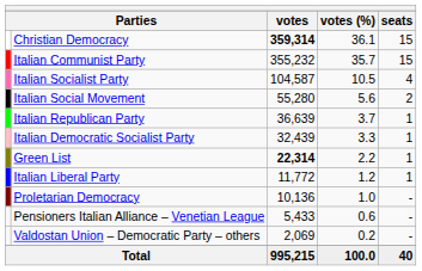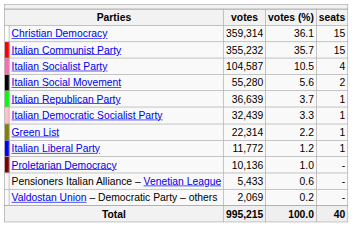 <table class="wikitable" style="font-size:95%">
 <tr>
 <th colspan=5></th>
 </tr>
 <tr>
 </tr>
 <tr bgcolor="EFEFEF">
 <th colspan=2>Parties</th>
 <th>votes</th>
 <th>votes (%)</th>
 <th>seats</th>
 </tr>
 <tr>
 <td bgcolor=White></td>
 <td><a href='#'>Christian Democracy</a></td>
-<td align=right><strong>359,314</strong></td>
+<td align=right>359,314</td>
 <td align=right>36.1</td>
 <td align=right>15</td>
 </tr>
 <tr>
 <td bgcolor=Red></td>
 <td><a href='#'>Italian Communist Party</a></td>
 <td align=right>355,232</td>
 <td align=right>35.7</td>
 <td align=right>15</td>
 </tr>
 <tr>
 <td bgcolor=Hotpink></td>
 <td><a href='#'>Italian Socialist Party</a></td>
 <td align=right>104,587</td>
 <td align=right>10.5</td>
 <td align=right>4</td>
 </tr>
 <tr>
 <td bgcolor=Black></td>
 <td><a href='#'>Italian Social Movement</a></td>
 <td align=right>55,280</td>
 <td align=right>5.6</td>
 <td align=right>2</td>
 </tr>
 <tr>
 <td bgcolor=Lime></td>
 <td><a href='#'>Italian Republican Party</a></td>
 <td align=right>36,639</td>
 <td align=right>3.7</td>
 <td align=right>1</td>
 </tr>
 <tr>
 <td bgcolor=Pink></td>
 <td><a href='#'>Italian Democratic Socialist Party</a></td>
 <td align=right>32,439</td>
 <td align=right>3.3</td>
 <td align=right>1</td>
 </tr>
 <tr>
 <td bgcolor=Olive></td>
 <td><a href='#'>Green List</a></td>
-<td align=right><strong>22,314</strong></td>
+<td align=right>22,314</td>
 <td align=right>2.2</td>
 <td align=right>1</td>
 </tr>
 <tr>
 <td bgcolor=Blue></td>
 <td><a href='#'>Italian Liberal Party</a></td>
 <td align=right>11,772</td>
 <td align=right>1.2</td>
 <td align=right>1</td>
 </tr>
 <tr>
 <td bgcolor=Maroon></td>
 <td><a href='#'>Proletarian Democracy</a></td>
 <td align=right>10,136</td>
 <td align=right>1.0</td>
 <td align=right>-</td>
 </tr>
 <tr>
 <td bgcolor=></td>
 <td>Pensioners Italian Alliance – <a href='#'>Venetian League</a></td>
 <td align=right>5,433</td>
 <td align=right>0.6</td>
 <td align=right>-</td>
 </tr>
 <tr>
 <td bgcolor=></td>
 <td><a href='#'>Valdostan Union</a> – Democratic Party – others</td>
 <td align=right>2,069</td>
 <td align=right>0.2</td>
 <td align=right>-</td>
 </tr>
 <tr>
 </tr>
 <tr bgcolor="EFEFEF">
 <th colspan=2><strong>Total</strong></th>
 <td align=right><strong>995,215</strong></td>
 <td align=right><strong>100.0</strong></td>
 <td align=right><strong>40</strong></td>
 </tr>
 </table>
